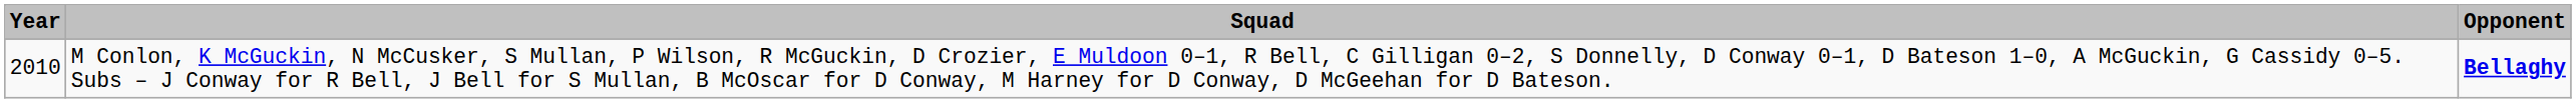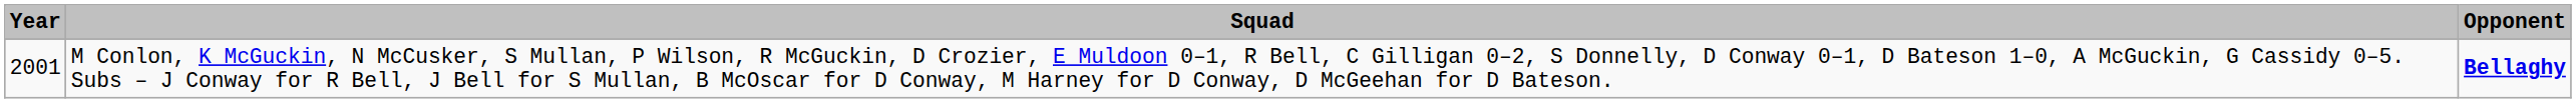 <table class="wikitable">
 <tr>
 <th style="background:silver;">Year</th>
 <th style="background:silver;">Squad</th>
 <th style="background:silver;">Opponent</th>
 </tr>
 <tr>
-<td>2010</td>
+<td>2001</td>
 <td>M Conlon, <a href='#'>K McGuckin</a>, N McCusker, S Mullan, P Wilson, R McGuckin, D Crozier, <a href='#'>E Muldoon</a> 0–1, R Bell, C Gilligan 0–2, S Donnelly, D Conway 0–1, D Bateson 1–0, A McGuckin, G Cassidy 0–5. Subs – J Conway for R Bell, J Bell for S Mullan, B McOscar for D Conway, M Harney for D Conway, D McGeehan for D Bateson.</td>
 <td><strong><a href='#'>Bellaghy</a></strong></td>
 </tr>
 </table>
